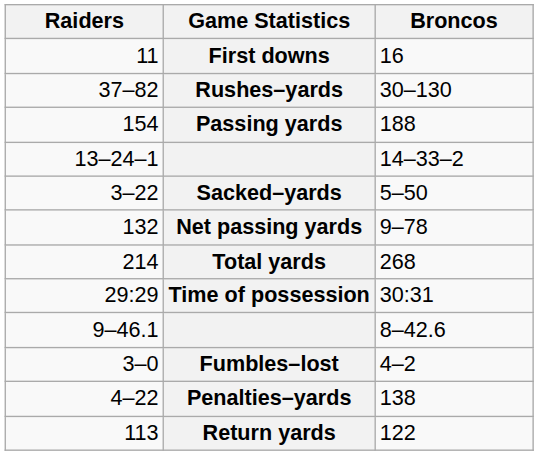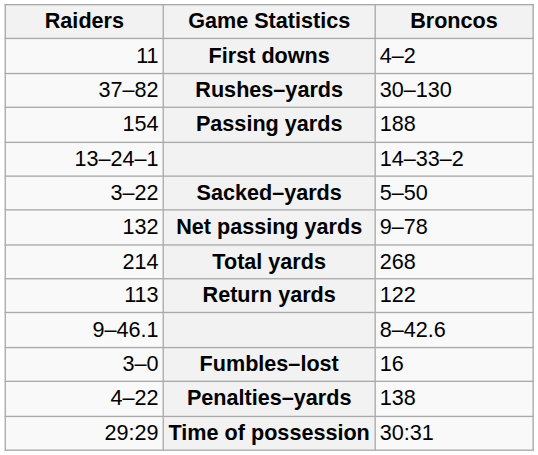 <table class="wikitable" style="margin: 1em auto 1em auto">
 <tr>
 <th style="width:30%;">Raiders</th>
 <th style="width:40%;">Game Statistics</th>
 <th style="width:30%;">Broncos</th>
 </tr>
 <tr>
 <td style="text-align:right;">11</td>
 <th>First downs</th>
-<td>16</td>
+<td>4–2</td>
 </tr>
 <tr>
 <td style="text-align:right;">37–82</td>
 <th>Rushes–yards</th>
 <td>30–130</td>
 </tr>
 <tr>
 <td style="text-align:right;">154</td>
 <th>Passing yards</th>
 <td>188</td>
 </tr>
 <tr>
 <td style="text-align:right;">13–24–1</td>
 <th></th>
 <td>14–33–2</td>
 </tr>
 <tr>
 <td style="text-align:right;">3–22</td>
 <th>Sacked–yards</th>
 <td>5–50</td>
 </tr>
 <tr>
 <td style="text-align:right;">132</td>
 <th>Net passing yards</th>
 <td>9–78</td>
 </tr>
 <tr>
 <td style="text-align:right;">214</td>
 <th>Total yards</th>
 <td>268</td>
 </tr>
 <tr>
-<td style="text-align:right;">29:29</td>
-<th>Time of possession</th>
-<td>30:31</td>
+<td style="text-align:right;">113</td>
+<th>Return yards</th>
+<td>122</td>
 </tr>
 <tr>
 <td style="text-align:right;">9–46.1</td>
 <th></th>
 <td>8–42.6</td>
 </tr>
 <tr>
 <td style="text-align:right;">3–0</td>
 <th>Fumbles–lost</th>
-<td>4–2</td>
+<td>16</td>
 </tr>
 <tr>
 <td style="text-align:right;">4–22</td>
 <th>Penalties–yards</th>
 <td>138</td>
 </tr>
 <tr>
-<td style="text-align:right;">113</td>
-<th>Return yards</th>
-<td>122</td>
+<td style="text-align:right;">29:29</td>
+<th>Time of possession</th>
+<td>30:31</td>
 </tr>
 </table>
